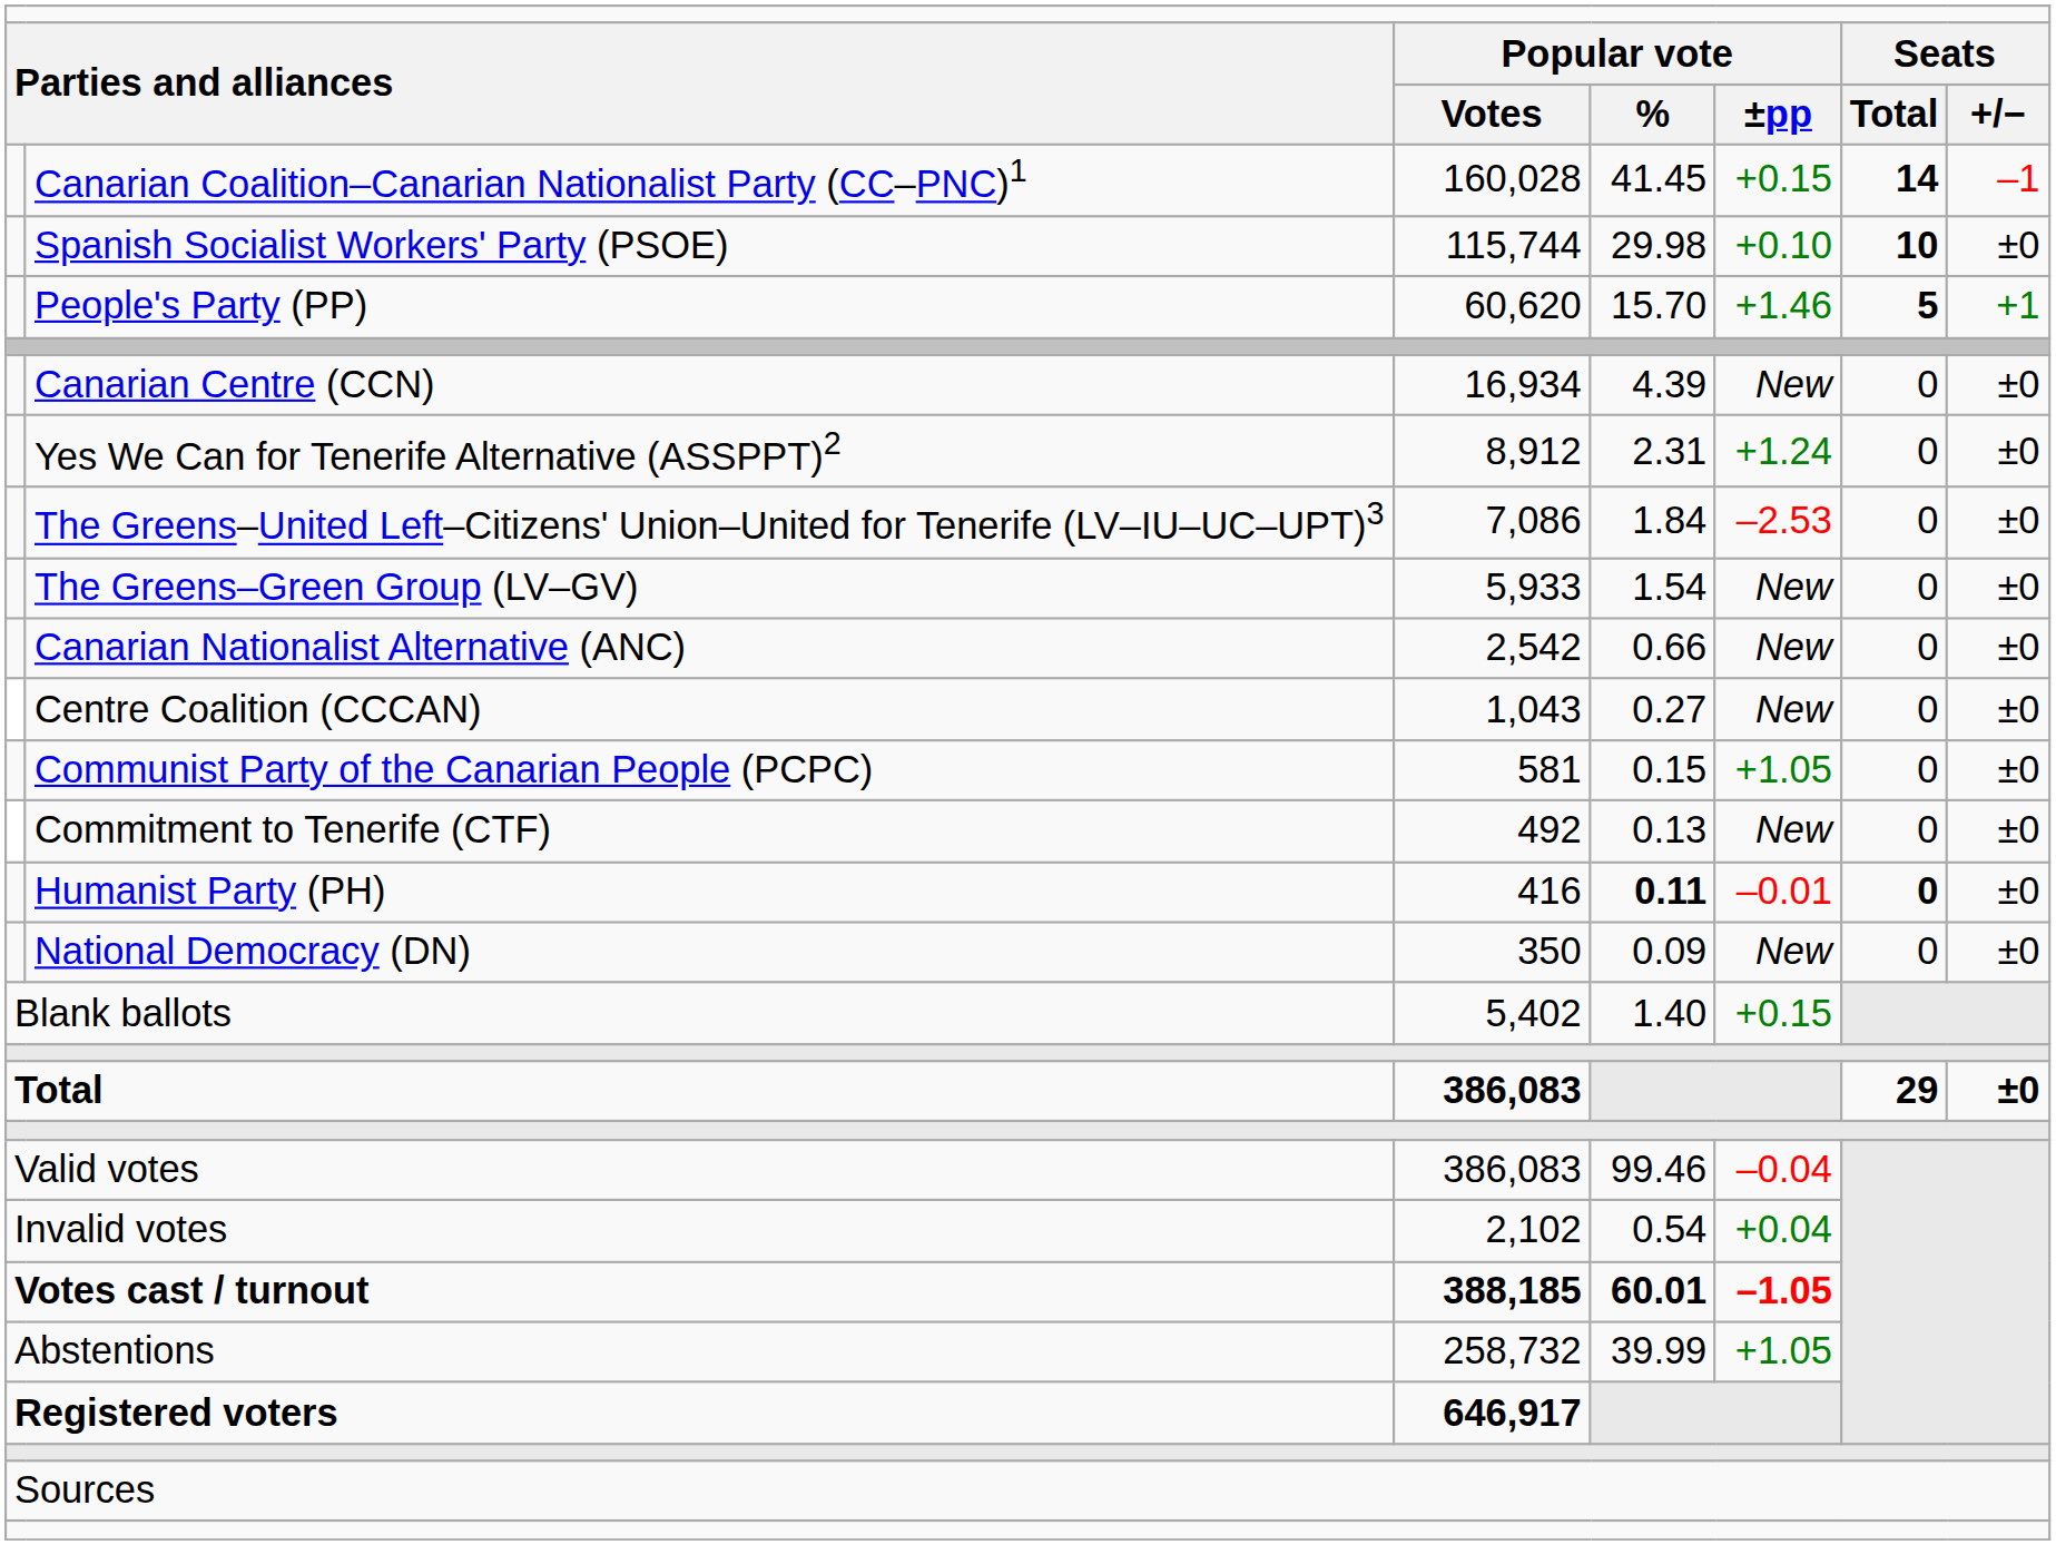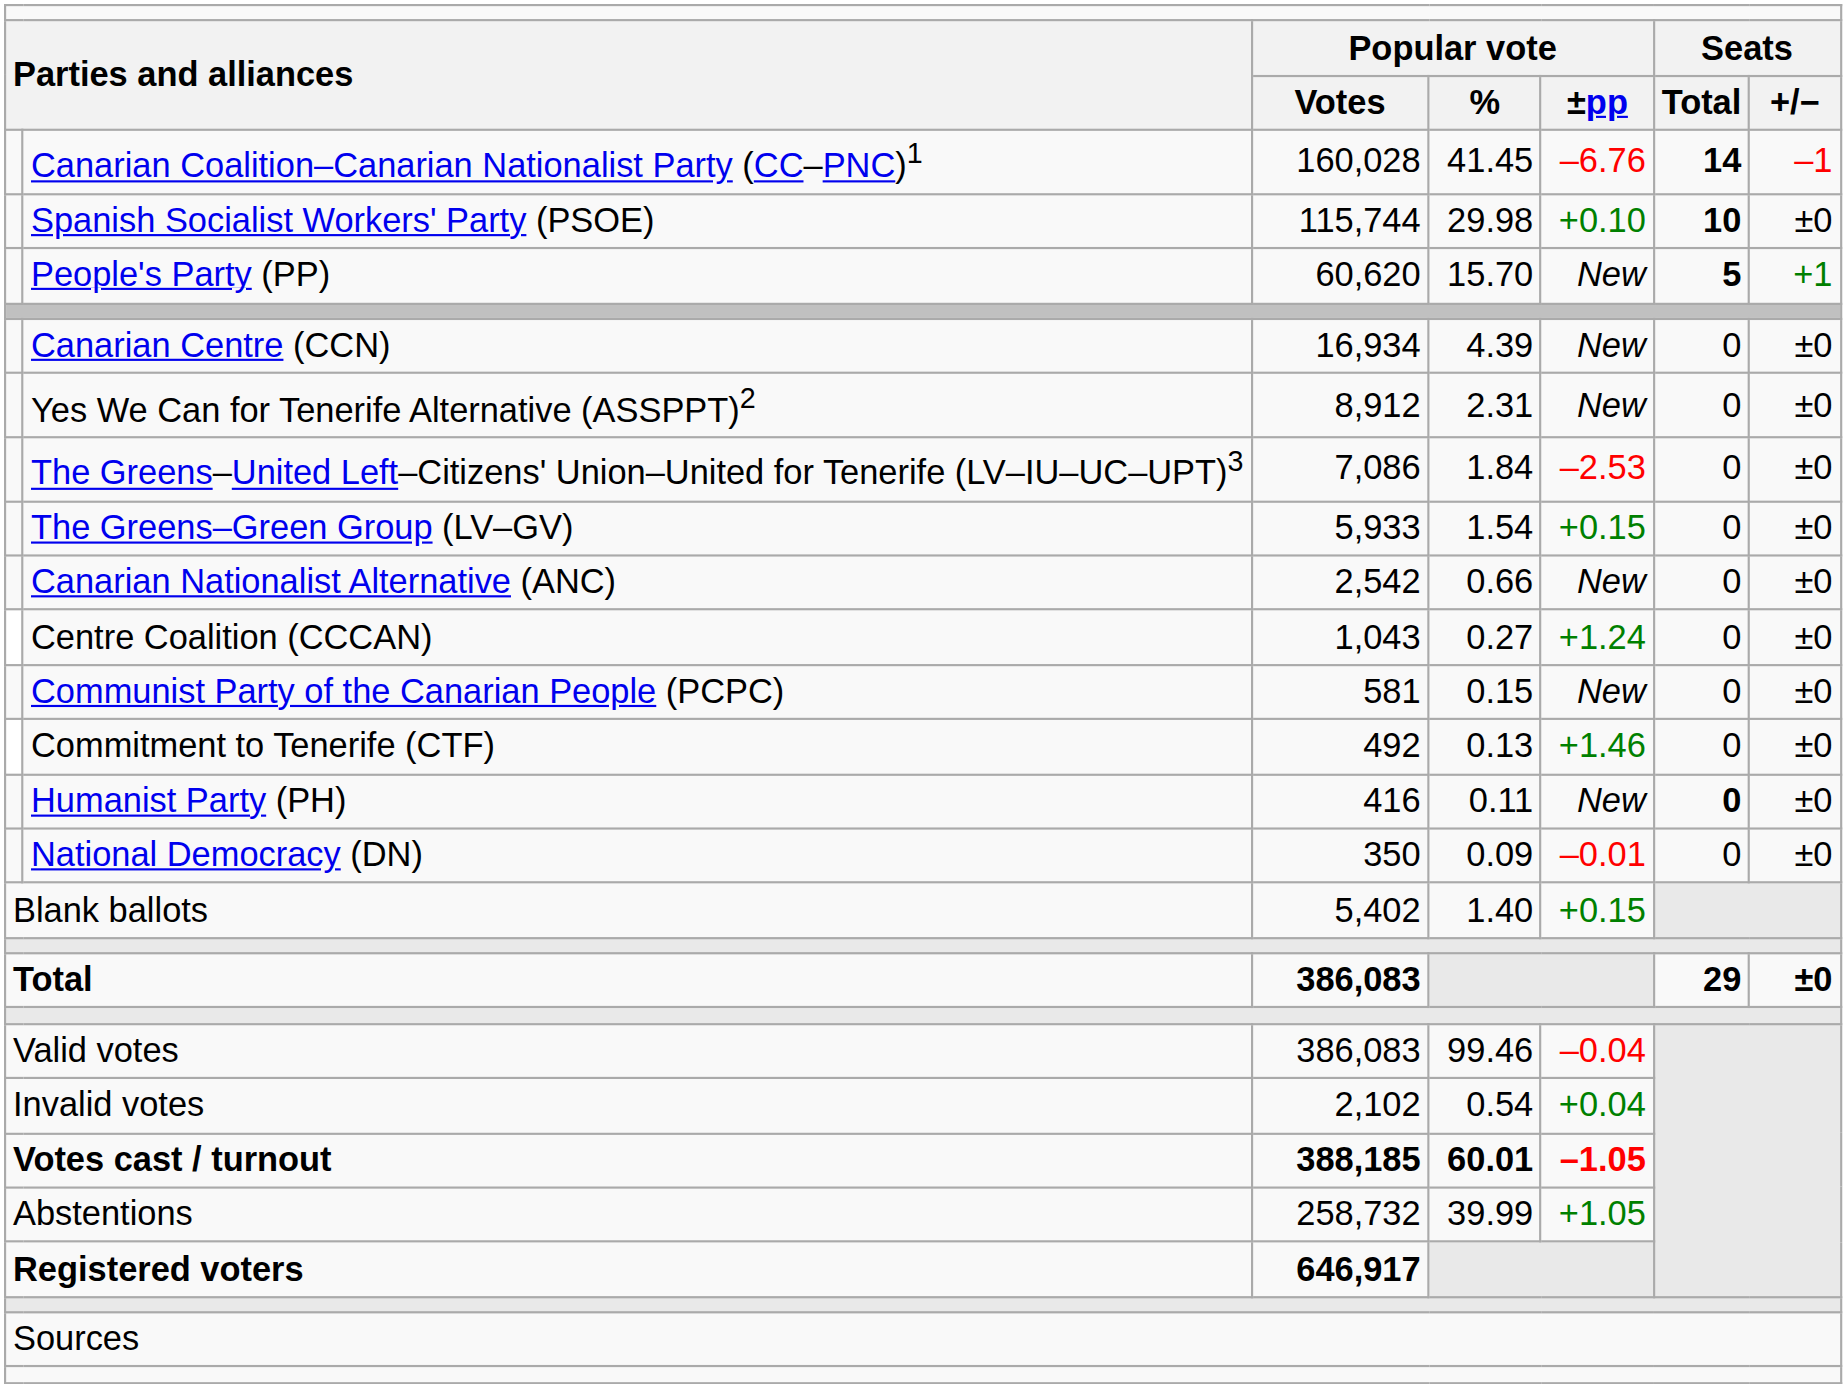 <table class="wikitable" style="text-align:right;">
 <tr>
 <td colspan="7"></td>
 </tr>
 <tr>
 <th style="text-align:left;" rowspan="2" colspan="2" width="525">Parties and alliances</th>
 <th colspan="3">Popular vote</th>
 <th colspan="2">Seats</th>
 </tr>
 <tr>
 <th width="75">Votes</th>
 <th width="45">%</th>
 <th width="45">±<a href='#'>pp</a></th>
 <th width="35">Total</th>
 <th width="35">+/−</th>
 </tr>
 <tr>
 <td width="1" style="color:inherit;background:"></td>
 <td align="left"><a href='#'>Canarian Coalition–Canarian Nationalist Party</a> (<a href='#'>CC</a>–<a href='#'>PNC</a>)<sup>1</sup></td>
 <td>160,028</td>
 <td>41.45</td>
-<td style="color:green;">+0.15</td>
+<td style="color:red;">–6.76</td>
 <td><strong>14</strong></td>
 <td style="color:red;">–1</td>
 </tr>
 <tr>
 <td style="color:inherit;background:"></td>
 <td align="left"><a href='#'>Spanish Socialist Workers' Party</a> (PSOE)</td>
 <td>115,744</td>
 <td>29.98</td>
 <td style="color:green;">+0.10</td>
 <td><strong>10</strong></td>
 <td>±0</td>
 </tr>
 <tr>
 <td style="color:inherit;background:"></td>
 <td align="left"><a href='#'>People's Party</a> (PP)</td>
 <td>60,620</td>
 <td>15.70</td>
-<td style="color:green;">+1.46</td>
+<td><em>New</em></td>
 <td><strong>5</strong></td>
 <td style="color:green;">+1</td>
 </tr>
 <tr>
 <td colspan="7" bgcolor="#C0C0C0"></td>
 </tr>
 <tr>
 <td style="color:inherit;background:"></td>
 <td align="left"><a href='#'>Canarian Centre</a> (CCN)</td>
 <td>16,934</td>
 <td>4.39</td>
 <td><em>New</em></td>
 <td>0</td>
 <td>±0</td>
 </tr>
 <tr>
 <td style="color:inherit;background:"></td>
 <td align="left">Yes We Can for Tenerife Alternative (ASSPPT)<sup>2</sup></td>
 <td>8,912</td>
 <td>2.31</td>
-<td style="color:green;">+1.24</td>
+<td><em>New</em></td>
 <td>0</td>
 <td>±0</td>
 </tr>
 <tr>
 <td style="color:inherit;background:"></td>
 <td align="left"><a href='#'>The Greens</a>–<a href='#'>United Left</a>–Citizens' Union–United for Tenerife (LV–IU–UC–UPT)<sup>3</sup></td>
 <td>7,086</td>
 <td>1.84</td>
 <td style="color:red;">–2.53</td>
 <td>0</td>
 <td>±0</td>
 </tr>
 <tr>
 <td style="color:inherit;background:"></td>
 <td align="left"><a href='#'>The Greens–Green Group</a> (LV–GV)</td>
 <td>5,933</td>
 <td>1.54</td>
-<td><em>New</em></td>
+<td style="color:green;">+0.15</td>
 <td>0</td>
 <td>±0</td>
 </tr>
 <tr>
 <td style="color:inherit;background:"></td>
 <td align="left"><a href='#'>Canarian Nationalist Alternative</a> (ANC)</td>
 <td>2,542</td>
 <td>0.66</td>
 <td><em>New</em></td>
 <td>0</td>
 <td>±0</td>
 </tr>
 <tr>
 <td bgcolor="white"></td>
 <td align="left">Centre Coalition (CCCAN)</td>
 <td>1,043</td>
 <td>0.27</td>
-<td><em>New</em></td>
+<td style="color:green;">+1.24</td>
 <td>0</td>
 <td>±0</td>
 </tr>
 <tr>
 <td style="color:inherit;background:"></td>
 <td align="left"><a href='#'>Communist Party of the Canarian People</a> (PCPC)</td>
 <td>581</td>
 <td>0.15</td>
-<td style="color:green;">+1.05</td>
+<td><em>New</em></td>
 <td>0</td>
 <td>±0</td>
 </tr>
 <tr>
 <td bgcolor="white"></td>
 <td align="left">Commitment to Tenerife (CTF)</td>
 <td>492</td>
 <td>0.13</td>
-<td><em>New</em></td>
+<td style="color:green;">+1.46</td>
 <td>0</td>
 <td>±0</td>
 </tr>
 <tr>
 <td style="color:inherit;background:"></td>
 <td align="left"><a href='#'>Humanist Party</a> (PH)</td>
 <td>416</td>
-<td><strong>0.11</strong></td>
-<td style="color:red;">–0.01</td>
+<td>0.11</td>
+<td><em>New</em></td>
 <td><strong>0</strong></td>
 <td>±0</td>
 </tr>
 <tr>
 <td style="color:inherit;background:"></td>
 <td align="left"><a href='#'>National Democracy</a> (DN)</td>
 <td>350</td>
 <td>0.09</td>
-<td><em>New</em></td>
+<td style="color:red;">–0.01</td>
 <td>0</td>
 <td>±0</td>
 </tr>
 <tr>
 <td align="left" colspan="2">Blank ballots</td>
 <td>5,402</td>
 <td>1.40</td>
 <td style="color:green;">+0.15</td>
 <td bgcolor="#E9E9E9" colspan="2"></td>
 </tr>
 <tr>
 <td colspan="7" bgcolor="#E9E9E9"></td>
 </tr>
 <tr style="font-weight:bold;">
 <td align="left" colspan="2">Total</td>
 <td>386,083</td>
 <td bgcolor="#E9E9E9" colspan="2"></td>
 <td>29</td>
 <td>±0</td>
 </tr>
 <tr>
 <td colspan="7" bgcolor="#E9E9E9"></td>
 </tr>
 <tr>
 <td align="left" colspan="2">Valid votes</td>
 <td>386,083</td>
 <td>99.46</td>
 <td style="color:red;">–0.04</td>
 <td bgcolor="#E9E9E9" colspan="2" rowspan="5"></td>
 </tr>
 <tr>
 <td align="left" colspan="2">Invalid votes</td>
 <td>2,102</td>
 <td>0.54</td>
 <td style="color:green;">+0.04</td>
 </tr>
 <tr style="font-weight:bold;">
 <td align="left" colspan="2">Votes cast / turnout</td>
 <td>388,185</td>
 <td>60.01</td>
 <td style="color:red;">–1.05</td>
 </tr>
 <tr>
 <td align="left" colspan="2">Abstentions</td>
 <td>258,732</td>
 <td>39.99</td>
 <td style="color:green;">+1.05</td>
 </tr>
 <tr style="font-weight:bold;">
 <td align="left" colspan="2">Registered voters</td>
 <td>646,917</td>
 <td bgcolor="#E9E9E9" colspan="2"></td>
 </tr>
 <tr>
 <td colspan="7" bgcolor="#E9E9E9"></td>
 </tr>
 <tr>
 <td align="left" colspan="7">Sources</td>
 </tr>
 <tr>
 <td colspan="7" style="text-align:left; max-width:790px;"></td>
 </tr>
 </table>
